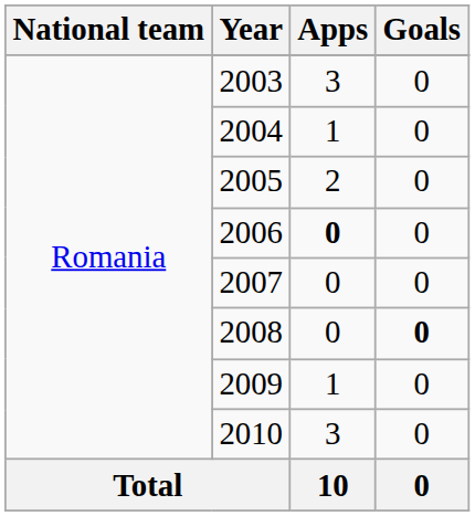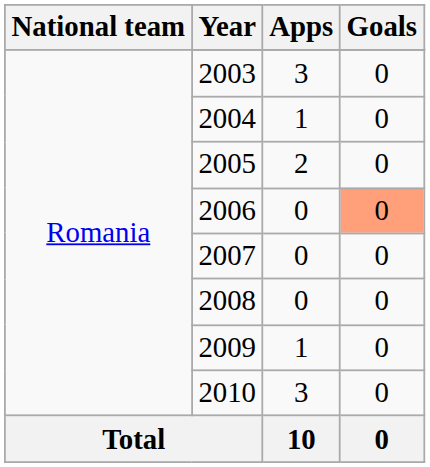 <table class="wikitable" style="text-align: center;">
 <tr>
 <th>National team</th>
 <th>Year</th>
 <th>Apps</th>
 <th>Goals</th>
 </tr>
 <tr>
 <td rowspan="9"><a href='#'>Romania</a></td>
 </tr>
 <tr>
 <td>2003</td>
 <td>3</td>
 <td>0</td>
 </tr>
 <tr>
 <td>2004</td>
 <td>1</td>
 <td>0</td>
 </tr>
 <tr>
 <td>2005</td>
 <td>2</td>
 <td>0</td>
 </tr>
 <tr>
 <td>2006</td>
-<td><strong>0</strong></td>
 <td>0</td>
+<td style="background: lightsalmon;">0</td>
 </tr>
 <tr>
 <td>2007</td>
 <td>0</td>
 <td>0</td>
 </tr>
 <tr>
 <td>2008</td>
 <td>0</td>
-<td><strong>0</strong></td>
+<td>0</td>
 </tr>
 <tr>
 <td>2009</td>
 <td>1</td>
 <td>0</td>
 </tr>
 <tr>
 <td>2010</td>
 <td>3</td>
 <td>0</td>
 </tr>
 <tr>
 <th colspan=2>Total</th>
 <th>10</th>
 <th>0</th>
 </tr>
 </table>
